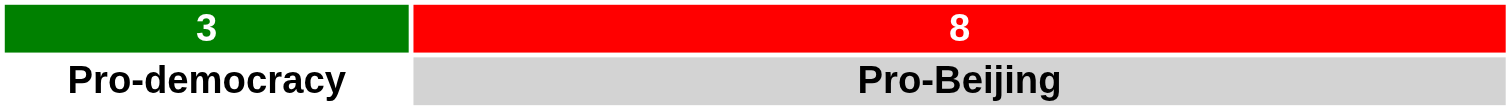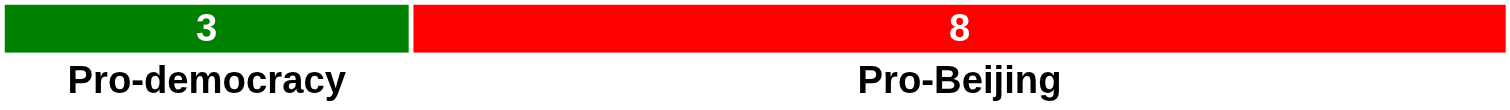 <table style="width:50%; text-align:center;">
 <tr style="color:white;">
 <td style="background:green; width:27%;"><strong>3</strong></td>
 <td style="background:red; width:73%;"><strong>8</strong></td>
 </tr>
 <tr>
 <td><span><strong>Pro-democracy</strong></span></td>
-<td style="background: lightgrey;"><span><strong>Pro-Beijing</strong></span></td>
+<td><span><strong>Pro-Beijing</strong></span></td>
 </tr>
 </table>
